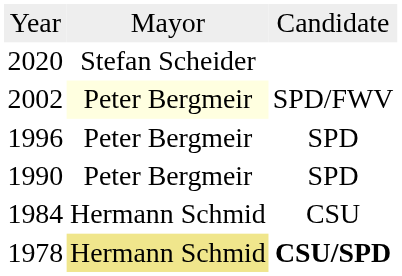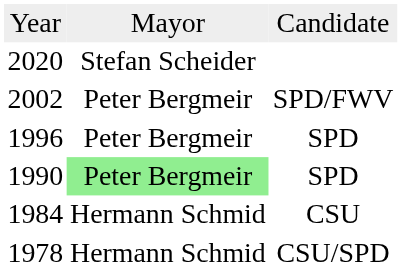 <table border="0" cellpadding="2" cellspacing="0"">
 <tr bgcolor="#eeeeee" align="center">
 <td>Year</td>
 <td>Mayor</td>
 <td>Candidate</td>
 </tr>
 <tr align="center">
 <td>2020</td>
 <td>Stefan Scheider</td>
 <td></td>
 </tr>
 <tr align="center">
 <td>2002</td>
-<td style="background: lightyellow;">Peter Bergmeir</td>
+<td>Peter Bergmeir</td>
 <td>SPD/FWV</td>
 </tr>
 <tr align="center">
 <td>1996</td>
 <td>Peter Bergmeir</td>
 <td>SPD</td>
 </tr>
 <tr align="center">
 <td>1990</td>
-<td>Peter Bergmeir</td>
+<td style="background: lightgreen;">Peter Bergmeir</td>
 <td>SPD</td>
 </tr>
 <tr align="center">
 <td>1984</td>
 <td>Hermann Schmid</td>
 <td>CSU</td>
 </tr>
 <tr align="center">
 <td>1978</td>
-<td style="background: khaki;">Hermann Schmid</td>
-<td><strong>CSU/SPD</strong></td>
+<td>Hermann Schmid</td>
+<td>CSU/SPD</td>
 </tr>
 </table>
